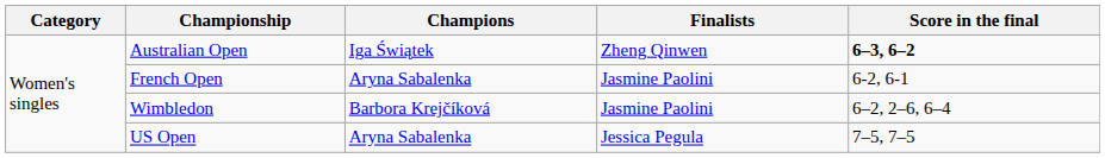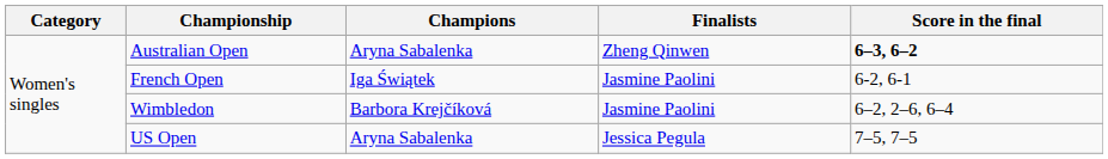 <table class="wikitable" style="font-size:90%;" width="100%">
 <tr>
 <th style="width: 11%;">Category</th>
 <th style="width: 20%;">Championship</th>
 <th style="width: 23%;">Champions</th>
 <th style="width: 23%;">Finalists</th>
 <th style="width: 23%;">Score in the final</th>
 </tr>
 <tr>
 <td rowspan="4">Women's singles</td>
 <td><a href='#'>Australian Open</a></td>
-<td> <a href='#'>Iga Świątek</a></td>
+<td> <a href='#'>Aryna Sabalenka</a></td>
 <td> <a href='#'>Zheng Qinwen</a></td>
 <td><strong>6–3, 6–2</strong></td>
 </tr>
 <tr>
 <td><a href='#'>French Open</a></td>
-<td> <a href='#'>Aryna Sabalenka</a></td>
+<td> <a href='#'>Iga Świątek</a></td>
 <td> <a href='#'>Jasmine Paolini</a></td>
 <td>6-2, 6-1</td>
 </tr>
 <tr>
 <td><a href='#'>Wimbledon</a></td>
 <td> <a href='#'>Barbora Krejčíková</a></td>
 <td> <a href='#'>Jasmine Paolini</a></td>
 <td>6–2, 2–6, 6–4</td>
 </tr>
 <tr>
 <td><a href='#'>US Open</a></td>
 <td> <a href='#'>Aryna Sabalenka</a></td>
 <td> <a href='#'>Jessica Pegula</a></td>
 <td>7–5, 7–5</td>
 </tr>
 </table>
